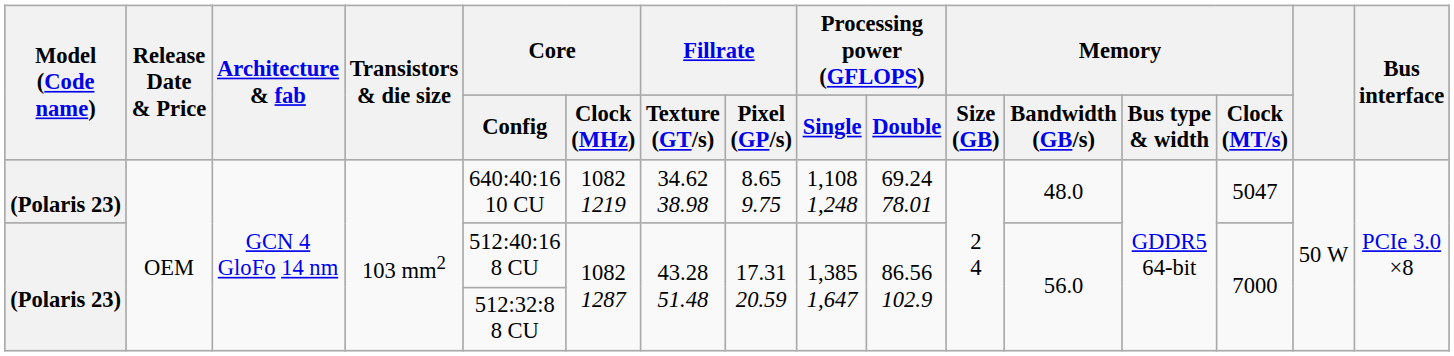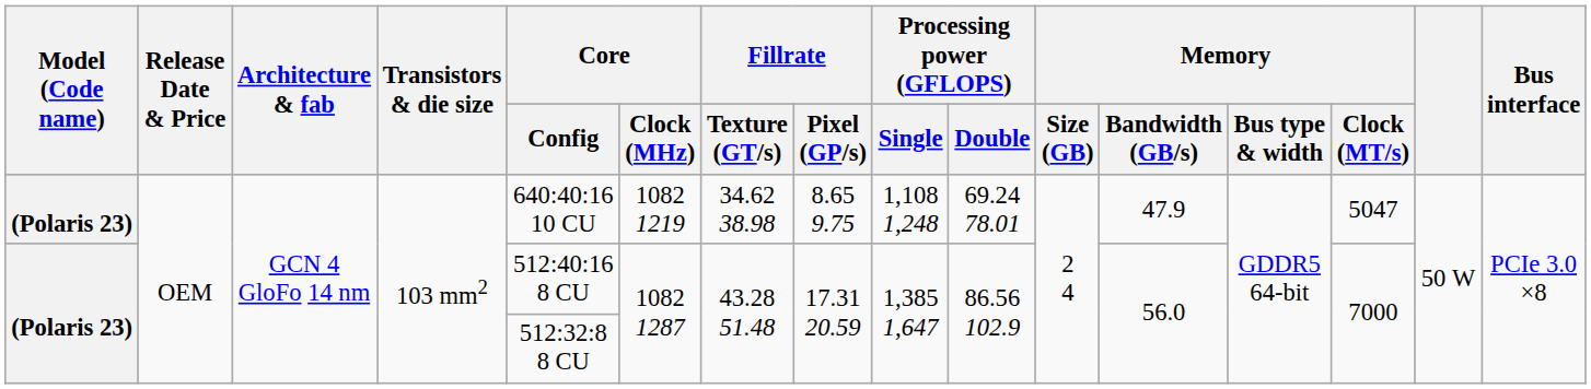 <table class="wikitable" style="font-size:85%; text-align:center; position: relative; top: 10px; right: 0px;">
 <tr>
 <th rowspan="2">Model<br>(<a href='#'>Code name</a>)</th>
 <th rowspan="2">Release Date<br>& Price</th>
 <th rowspan="2"><a href='#'>Architecture</a><br>& <a href='#'>fab</a></th>
 <th rowspan="2">Transistors<br>& die size</th>
 <th colspan="2">Core</th>
 <th colspan="2"><a href='#'>Fillrate</a></th>
 <th colspan="2">Processing power<br>(<a href='#'>GFLOPS</a>)</th>
 <th colspan="4">Memory</th>
 <th rowspan="2"></th>
 <th rowspan="2">Bus interface</th>
 </tr>
 <tr>
 <th>Config</th>
 <th>Clock<br>(<a href='#'>MHz</a>)</th>
 <th>Texture<br>(<a href='#'>GT</a>/s)</th>
 <th>Pixel<br>(<a href='#'>GP</a>/s)</th>
 <th><a href='#'>Single</a></th>
 <th><a href='#'>Double</a></th>
 <th>Size<br>(<a href='#'>GB</a>)</th>
 <th>Bandwidth<br>(<a href='#'>GB</a>/s)</th>
 <th>Bus type<br>& width</th>
 <th>Clock<br>(<a href='#'>MT/s</a>)</th>
 </tr>
 <tr>
 <th style="text-align:left;"><br>(Polaris 23)</th>
 <td rowspan="3"><br>OEM</td>
 <td rowspan="3"><a href='#'>GCN 4</a><br><a href='#'>GloFo</a> <a href='#'>14 nm</a></td>
 <td rowspan="3"><br>103 mm<sup>2</sup></td>
 <td>640:40:16<br>10 CU</td>
 <td>1082<br><em>1219</em></td>
 <td>34.62<br><em>38.98</em></td>
 <td>8.65<br><em>9.75</em></td>
 <td>1,108<br><em>1,248</em></td>
 <td>69.24<br><em>78.01</em></td>
 <td rowspan="3">2<br>4</td>
-<td>48.0</td>
+<td>47.9</td>
 <td rowspan="3"><a href='#'>GDDR5</a><br>64-bit</td>
 <td>5047</td>
 <td rowspan="3">50 W</td>
 <td rowspan="3"><a href='#'>PCIe 3.0</a> ×8</td>
 </tr>
 <tr>
 <th style="text-align:left;" rowspan=2><br>(Polaris 23)</th>
 <td>512:40:16<br>8 CU</td>
 <td rowspan="2">1082<br><em>1287</em></td>
 <td rowspan="2">43.28<br><em>51.48</em></td>
 <td rowspan="2">17.31<br><em>20.59</em></td>
 <td rowspan="2">1,385<br><em>1,647</em></td>
 <td rowspan="2">86.56<br><em>102.9</em></td>
 <td rowspan="2">56.0</td>
 <td rowspan="2">7000</td>
 </tr>
 <tr>
 <td>512:32:8<br>8 CU</td>
 </tr>
 </table>
